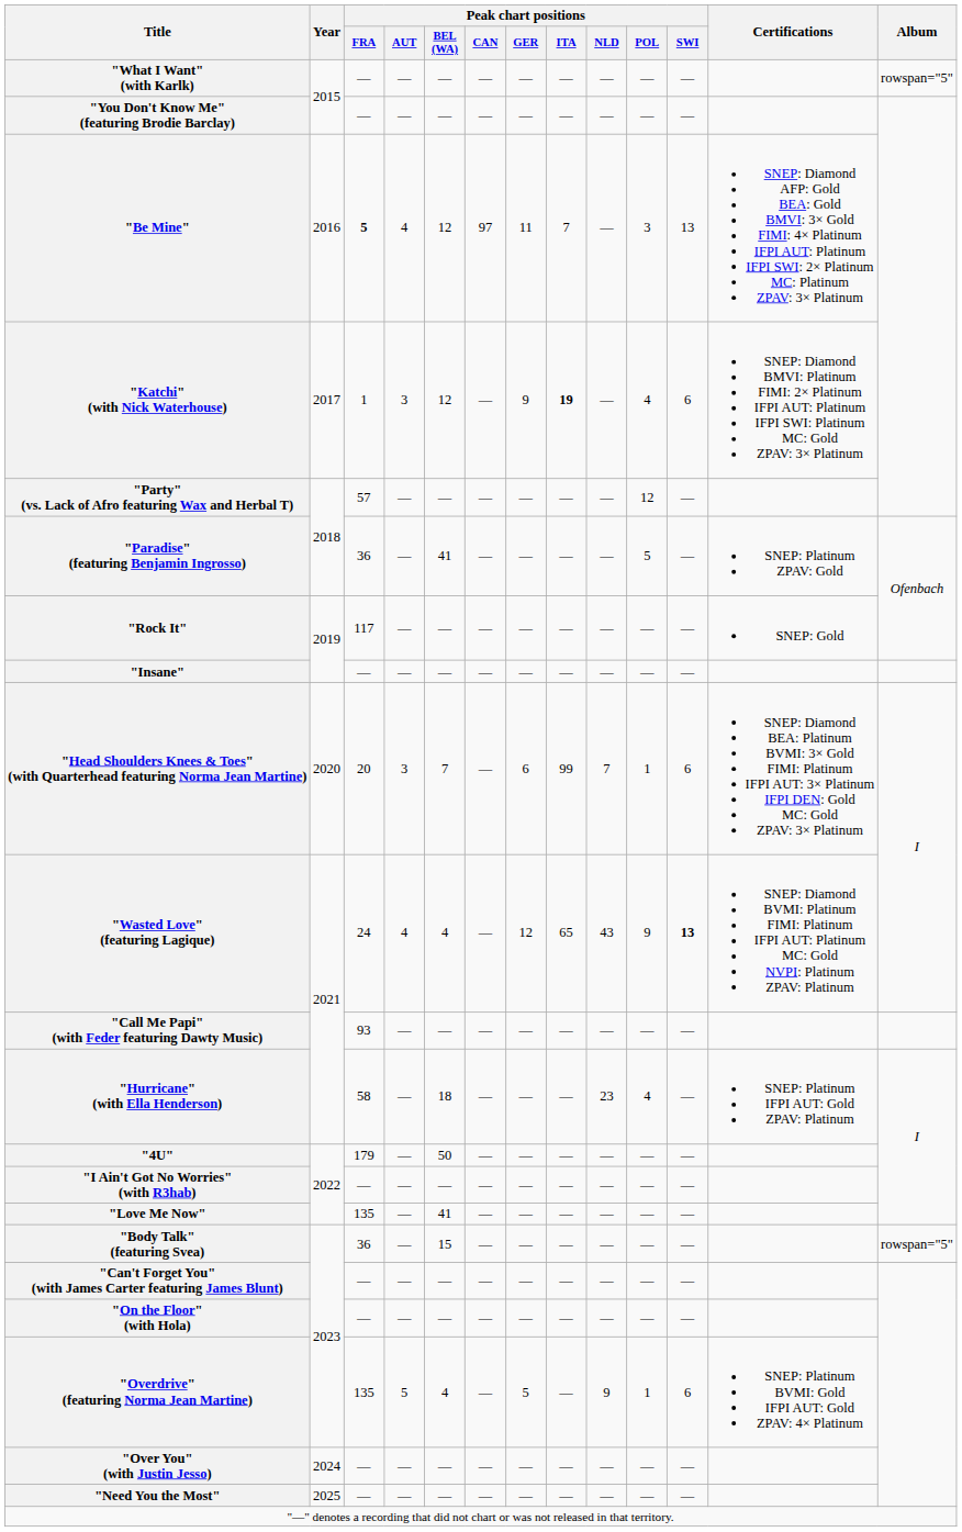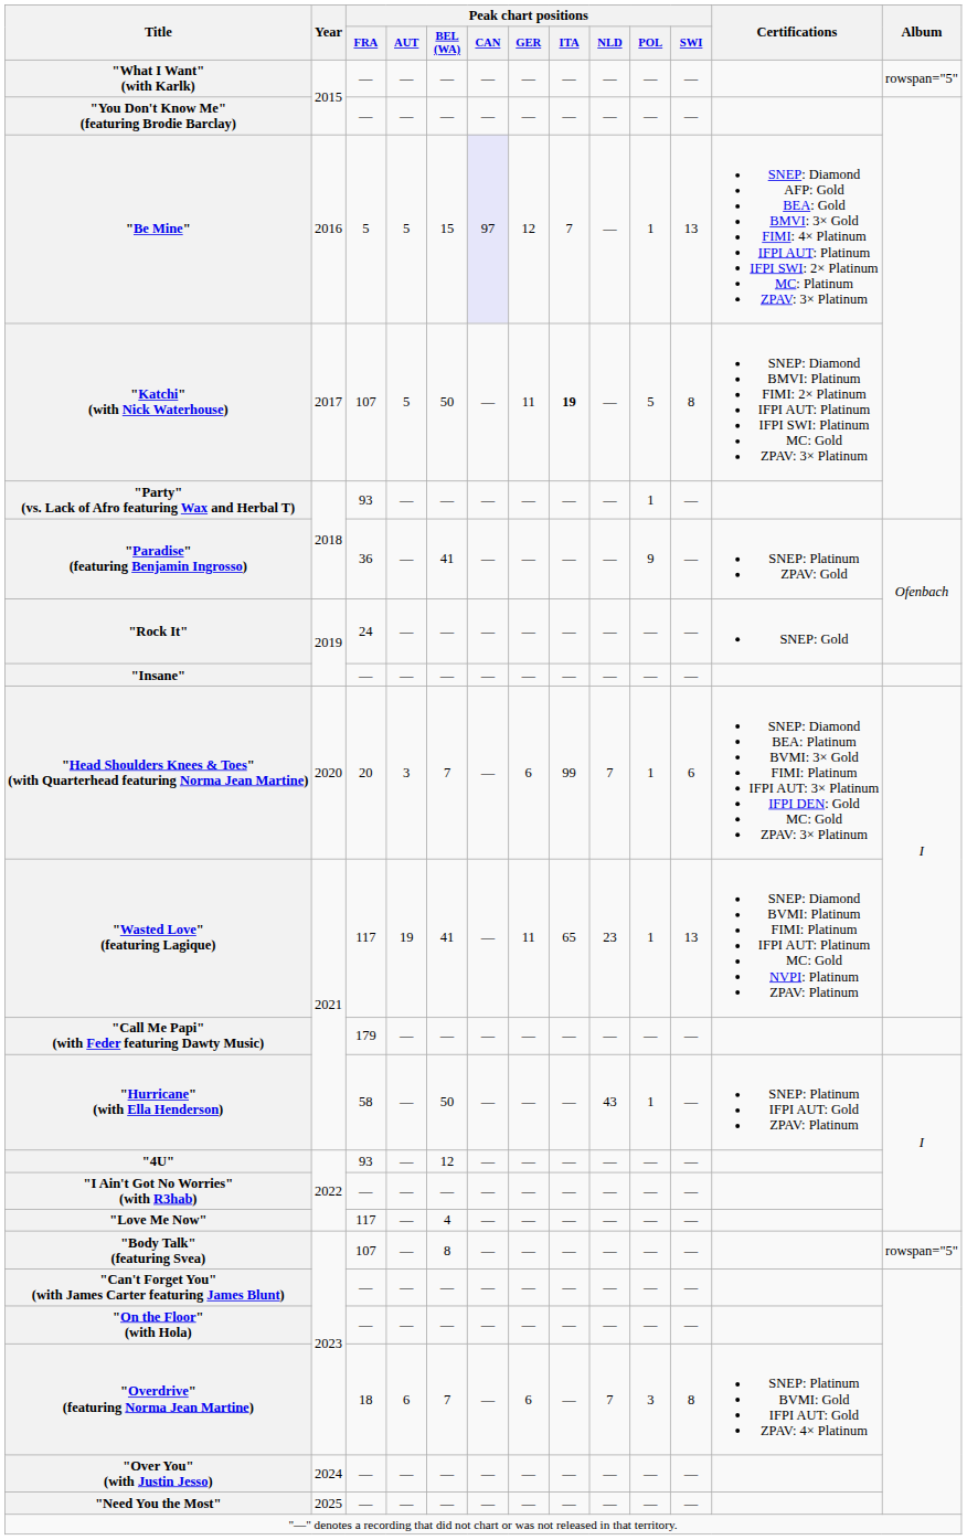 <table class="wikitable plainrowheaders" style="text-align:center;">
 <tr>
 <th scope="col" rowspan="2">Title</th>
 <th scope="col" rowspan="2">Year</th>
 <th colspan="9">Peak chart positions</th>
 <th scope="col" rowspan="2">Certifications</th>
 <th rowspan="2">Album</th>
 </tr>
 <tr>
 <th scope="col" style="width:3em;font-size:85%;"><a href='#'>FRA</a><br></th>
 <th scope="col" style="width:3em;font-size:85%;"><a href='#'>AUT</a><br></th>
 <th scope="col" style="width:3em;font-size:85%;"><a href='#'>BEL<br>(WA)</a><br></th>
 <th scope="col" style="width:3em;font-size:85%;"><a href='#'>CAN</a><br></th>
 <th scope="col" style="width:3em;font-size:85%;"><a href='#'>GER</a><br></th>
 <th scope="col" style="width:3em;font-size:85%;"><a href='#'>ITA</a><br></th>
 <th scope="col" style="width:3em;font-size:85%;"><a href='#'>NLD</a><br></th>
 <th scope="col" style="width:3em;font-size:85%;"><a href='#'>POL</a><br></th>
 <th scope="col" style="width:3em;font-size:85%;"><a href='#'>SWI</a><br></th>
 </tr>
 <tr>
 <th scope="row">"What I Want"<br><span>(with Karlk)</span></th>
 <td rowspan="2">2015</td>
 <td>—</td>
 <td>—</td>
 <td>—</td>
 <td>—</td>
 <td>—</td>
 <td>—</td>
 <td>—</td>
 <td>—</td>
 <td>—</td>
 <td></td>
 <td>rowspan="5" </td>
 </tr>
 <tr>
 <th scope="row">"You Don't Know Me"<br><span>(featuring Brodie Barclay)</span></th>
 <td>—</td>
 <td>—</td>
 <td>—</td>
 <td>—</td>
 <td>—</td>
 <td>—</td>
 <td>—</td>
 <td>—</td>
 <td>—</td>
 <td></td>
 </tr>
 <tr>
 <th scope="row">"<a href='#'>Be Mine</a>"</th>
 <td>2016</td>
-<td><strong>5</strong></td>
-<td>4</td>
+<td>5</td>
+<td>5</td>
+<td>15</td>
+<td style="background: lavender;">97</td>
 <td>12</td>
-<td>97</td>
-<td>11</td>
 <td>7</td>
 <td>—</td>
-<td>3</td>
+<td>1</td>
 <td>13</td>
 <td><br><ul><li><a href='#'>SNEP</a>: Diamond</li><li>AFP: Gold</li><li><a href='#'>BEA</a>: Gold</li><li><a href='#'>BMVI</a>: 3× Gold</li><li><a href='#'>FIMI</a>: 4× Platinum</li><li><a href='#'>IFPI AUT</a>: Platinum</li><li><a href='#'>IFPI SWI</a>: 2× Platinum</li><li><a href='#'>MC</a>: Platinum</li><li><a href='#'>ZPAV</a>: 3× Platinum</li></ul></td>
 </tr>
 <tr>
 <th scope="row">"<a href='#'>Katchi</a>"<br><span>(with <a href='#'>Nick Waterhouse</a>)</span></th>
 <td>2017</td>
-<td>1</td>
-<td>3</td>
-<td>12</td>
+<td>107</td>
+<td>5</td>
+<td>50</td>
 <td>—</td>
-<td>9</td>
+<td>11</td>
 <td><strong>19</strong></td>
 <td>—</td>
-<td>4</td>
-<td>6</td>
+<td>5</td>
+<td>8</td>
 <td><br><ul><li>SNEP: Diamond</li><li>BMVI: Platinum</li><li>FIMI: 2× Platinum</li><li>IFPI AUT: Platinum</li><li>IFPI SWI: Platinum</li><li>MC: Gold</li><li>ZPAV: 3× Platinum</li></ul></td>
 </tr>
 <tr>
 <th scope="row">"Party"<br><span>(vs. Lack of Afro featuring <a href='#'>Wax</a> and Herbal T)</span></th>
 <td rowspan="2">2018</td>
-<td>57</td>
+<td>93</td>
 <td>—</td>
 <td>—</td>
 <td>—</td>
 <td>—</td>
 <td>—</td>
 <td>—</td>
-<td>12</td>
+<td>1</td>
 <td>—</td>
 <td></td>
 </tr>
 <tr>
 <th scope="row">"<a href='#'>Paradise</a>"<br><span>(featuring <a href='#'>Benjamin Ingrosso</a>)</span></th>
 <td>36</td>
 <td>—</td>
 <td>41</td>
 <td>—</td>
 <td>—</td>
 <td>—</td>
 <td>—</td>
-<td>5</td>
+<td>9</td>
 <td>—</td>
 <td><br><ul><li>SNEP: Platinum</li><li>ZPAV: Gold</li></ul></td>
 <td rowspan="2"><em>Ofenbach</em></td>
 </tr>
 <tr>
 <th scope="row">"Rock It"</th>
 <td rowspan="2">2019</td>
-<td>117</td>
+<td>24</td>
 <td>—</td>
 <td>—</td>
 <td>—</td>
 <td>—</td>
 <td>—</td>
 <td>—</td>
 <td>—</td>
 <td>—</td>
 <td><br><ul><li>SNEP: Gold</li></ul></td>
 </tr>
 <tr>
 <th scope="row">"Insane"</th>
 <td>—</td>
 <td>—</td>
 <td>—</td>
 <td>—</td>
 <td>—</td>
 <td>—</td>
 <td>—</td>
 <td>—</td>
 <td>—</td>
 <td></td>
 <td></td>
 </tr>
 <tr>
 <th scope="row">"<a href='#'>Head Shoulders Knees & Toes</a>"<br><span>(with Quarterhead featuring <a href='#'>Norma Jean Martine</a>)</span></th>
 <td>2020</td>
 <td>20</td>
 <td>3</td>
 <td>7</td>
 <td>—</td>
 <td>6</td>
 <td>99</td>
 <td>7</td>
 <td>1</td>
 <td>6</td>
 <td><br><ul><li>SNEP: Diamond</li><li>BEA: Platinum</li><li>BVMI: 3× Gold</li><li>FIMI: Platinum</li><li>IFPI AUT: 3× Platinum</li><li><a href='#'>IFPI DEN</a>: Gold</li><li>MC: Gold</li><li>ZPAV: 3× Platinum</li></ul></td>
 <td rowspan="2"><em>I</em></td>
 </tr>
 <tr>
 <th scope="row">"<a href='#'>Wasted Love</a>"<br><span>(featuring Lagique)</span></th>
 <td rowspan="3">2021</td>
-<td>24</td>
-<td>4</td>
-<td>4</td>
+<td>117</td>
+<td>19</td>
+<td>41</td>
 <td>—</td>
-<td>12</td>
+<td>11</td>
 <td>65</td>
-<td>43</td>
-<td>9</td>
-<td><strong>13</strong></td>
+<td>23</td>
+<td>1</td>
+<td>13</td>
 <td><br><ul><li>SNEP: Diamond</li><li>BVMI: Platinum</li><li>FIMI: Platinum</li><li>IFPI AUT: Platinum</li><li>MC: Gold</li><li><a href='#'>NVPI</a>: Platinum</li><li>ZPAV: Platinum</li></ul></td>
 </tr>
 <tr>
 <th scope="row">"Call Me Papi"<br><span>(with <a href='#'>Feder</a> featuring Dawty Music)</span></th>
-<td>93</td>
+<td>179</td>
 <td>—</td>
 <td>—</td>
 <td>—</td>
 <td>—</td>
 <td>—</td>
 <td>—</td>
 <td>—</td>
 <td>—</td>
 <td></td>
 <td></td>
 </tr>
 <tr>
 <th scope="row">"<a href='#'>Hurricane</a>"<br><span>(with <a href='#'>Ella Henderson</a>)</span></th>
 <td>58</td>
 <td>—</td>
-<td>18</td>
+<td>50</td>
 <td>—</td>
 <td>—</td>
 <td>—</td>
-<td>23</td>
-<td>4</td>
+<td>43</td>
+<td>1</td>
 <td>—</td>
 <td><br><ul><li>SNEP: Platinum</li><li>IFPI AUT: Gold</li><li>ZPAV: Platinum</li></ul></td>
 <td rowspan="4"><em>I</em></td>
 </tr>
 <tr>
 <th scope="row">"4U"</th>
 <td rowspan="3">2022</td>
-<td>179</td>
+<td>93</td>
 <td>—</td>
-<td>50</td>
+<td>12</td>
 <td>—</td>
 <td>—</td>
 <td>—</td>
 <td>—</td>
 <td>—</td>
 <td>—</td>
 <td></td>
 </tr>
 <tr>
 <th scope="row">"I Ain't Got No Worries"<br><span>(with <a href='#'>R3hab</a>)</span></th>
 <td>—</td>
 <td>—</td>
 <td>—</td>
 <td>—</td>
 <td>—</td>
 <td>—</td>
 <td>—</td>
 <td>—</td>
 <td>—</td>
 <td></td>
 </tr>
 <tr>
 <th scope="row">"Love Me Now"<br></th>
-<td>135</td>
+<td>117</td>
 <td>—</td>
-<td>41</td>
+<td>4</td>
 <td>—</td>
 <td>—</td>
 <td>—</td>
 <td>—</td>
 <td>—</td>
 <td>—</td>
 <td></td>
 </tr>
 <tr>
 <th scope="row">"Body Talk"<br><span>(featuring Svea)</span></th>
 <td rowspan="4">2023</td>
-<td>36</td>
+<td>107</td>
 <td>—</td>
-<td>15</td>
+<td>8</td>
 <td>—</td>
 <td>—</td>
 <td>—</td>
 <td>—</td>
 <td>—</td>
 <td>—</td>
 <td></td>
 <td>rowspan="5" </td>
 </tr>
 <tr>
 <th scope="row">"Can't Forget You"<br><span>(with James Carter featuring <a href='#'>James Blunt</a>)</span></th>
 <td>—</td>
 <td>—</td>
 <td>—</td>
 <td>—</td>
 <td>—</td>
 <td>—</td>
 <td>—</td>
 <td>—</td>
 <td>—</td>
 <td></td>
 </tr>
 <tr>
 <th scope="row">"<a href='#'>On the Floor</a>"<br><span>(with Hola)</span></th>
 <td>—</td>
 <td>—</td>
 <td>—</td>
 <td>—</td>
 <td>—</td>
 <td>—</td>
 <td>—</td>
 <td>—</td>
 <td>—</td>
 <td></td>
 </tr>
 <tr>
 <th scope="row">"<a href='#'>Overdrive</a>"<br><span>(featuring <a href='#'>Norma Jean Martine</a>)</span></th>
-<td>135</td>
-<td>5</td>
-<td>4</td>
+<td>18<br></td>
+<td>6</td>
+<td>7</td>
 <td>—</td>
-<td>5</td>
+<td>6</td>
 <td>—</td>
-<td>9</td>
-<td>1</td>
-<td>6</td>
+<td>7</td>
+<td>3</td>
+<td>8</td>
 <td><br><ul><li>SNEP: Platinum</li><li>BVMI: Gold</li><li>IFPI AUT: Gold</li><li>ZPAV: 4× Platinum</li></ul></td>
 </tr>
 <tr>
 <th scope="row">"Over You"<br><span>(with <a href='#'>Justin Jesso</a>)</span></th>
 <td rowspan="1">2024</td>
 <td>—</td>
 <td>—</td>
 <td>—</td>
 <td>—</td>
 <td>—</td>
 <td>—</td>
 <td>—</td>
 <td>—</td>
 <td>—</td>
 <td></td>
 </tr>
 <tr>
 <th scope="row">"Need You the Most"</th>
 <td rowspan="1">2025</td>
 <td>—</td>
 <td>—</td>
 <td>—</td>
 <td>—</td>
 <td>—</td>
 <td>—</td>
 <td>—</td>
 <td>—</td>
 <td>—</td>
 <td></td>
 </tr>
 <tr>
 <td colspan="14" style="font-size:90%">"—" denotes a recording that did not chart or was not released in that territory.</td>
 </tr>
 </table>
